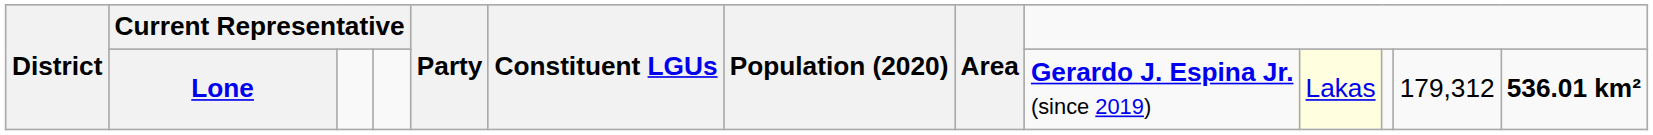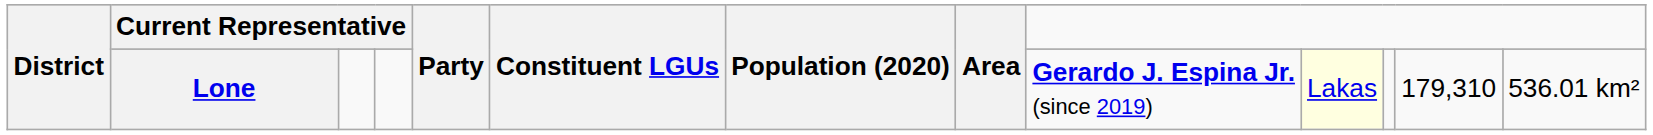 <table class="wikitable sortable" style="margin: 1em auto; font-size:100%; line-height:20px; text-align:center">
 <tr>
 <th rowspan="2">District</th>
 <th colspan="3">Current Representative</th>
 <th rowspan="2">Party</th>
 <th rowspan="2">Constituent <a href='#'>LGUs</a></th>
 <th rowspan="2">Population (2020)</th>
 <th rowspan="2">Area</th>
 </tr>
 <tr>
 <th><a href='#'>Lone</a></th>
 <td style="background:"></td>
 <td></td>
 <td style="text-align:left;"><strong><a href='#'>Gerardo J. Espina Jr.</a></strong><br><small>(since <a href='#'>2019</a>)</small></td>
 <td style="background: lightyellow;"><a href='#'>Lakas</a></td>
 <td></td>
-<td>179,312</td>
-<td><strong>536.01 km²</strong></td>
+<td>179,310</td>
+<td>536.01 km²</td>
 </tr>
 </table>
